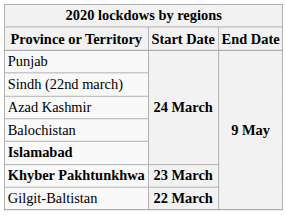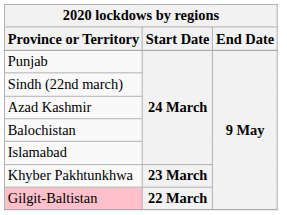 <table class="wikitable floatright">
 <tr>
 <th colspan="3">2020 lockdows by regions </th>
 </tr>
 <tr>
 <th colspan="1">Province or Territory</th>
 <th colspan="1">Start Date</th>
 <th colspan="1">End Date</th>
 </tr>
 <tr>
 </tr>
 <tr>
 <td>Punjab</td>
 <th rowspan="5">24 March</th>
 <th rowspan="7">9 May</th>
 </tr>
 <tr>
 <td>Sindh (22nd march)</td>
 </tr>
 <tr>
 <td>Azad Kashmir</td>
 </tr>
 <tr>
 <td>Balochistan</td>
 </tr>
 <tr>
-<td><strong>Islamabad</strong></td>
+<td>Islamabad</td>
 </tr>
 <tr>
-<td><strong>Khyber Pakhtunkhwa</strong></td>
+<td>Khyber Pakhtunkhwa</td>
 <th>23 March</th>
 </tr>
 <tr>
-<td>Gilgit-Baltistan</td>
+<td style="background: pink;">Gilgit-Baltistan</td>
 <th>22 March</th>
 </tr>
 <tr>
 </tr>
 </table>
